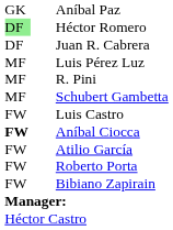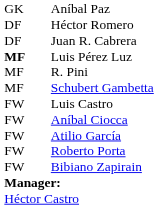 <table cellspacing="0" cellpadding="0" style="font-size:90%; margin:0.2em auto;">
 <tr>
 <th width="25"></th>
 <th width="25"></th>
 </tr>
 <tr>
 <td>GK</td>
 <td></td>
 <td> Aníbal Paz</td>
 </tr>
 <tr>
-<td style="background: lightgreen;">DF</td>
+<td>DF</td>
 <td></td>
 <td> Héctor Romero</td>
 </tr>
 <tr>
 <td>DF</td>
 <td></td>
 <td> Juan R. Cabrera</td>
 </tr>
 <tr>
-<td>MF</td>
+<td><strong>MF</strong></td>
 <td></td>
 <td> Luis Pérez Luz</td>
 </tr>
 <tr>
 <td>MF</td>
 <td></td>
 <td> R. Pini</td>
 </tr>
 <tr>
 <td>MF</td>
 <td></td>
 <td> <a href='#'>Schubert Gambetta</a></td>
 </tr>
 <tr>
 <td>FW</td>
 <td></td>
 <td> Luis Castro</td>
 </tr>
 <tr>
-<td><strong>FW</strong></td>
+<td>FW</td>
 <td></td>
 <td> <a href='#'>Aníbal Ciocca</a></td>
 </tr>
 <tr>
 <td>FW</td>
 <td></td>
 <td> <a href='#'>Atilio García</a></td>
 </tr>
 <tr>
 <td>FW</td>
 <td></td>
 <td> <a href='#'>Roberto Porta</a></td>
 </tr>
 <tr>
 <td>FW</td>
 <td></td>
 <td> <a href='#'>Bibiano Zapirain</a></td>
 </tr>
 <tr>
 <td colspan=3><strong>Manager:</strong></td>
 </tr>
 <tr>
 <td colspan=4> <a href='#'>Héctor Castro</a></td>
 </tr>
 </table>
